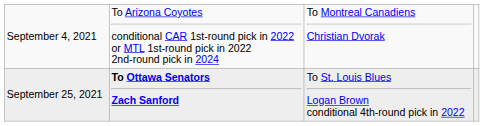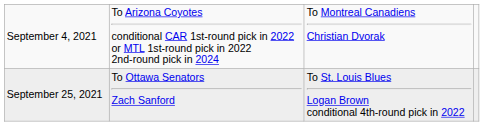 <table cellspacing=0 class="wikitable" style="border:1px solid #999999; width:720px;">
 <tr>
 <td>September 4, 2021</td>
 <td valign="top">To <a href='#'>Arizona Coyotes</a><hr><span>conditional</span> <a href='#'>CAR</a> 1st-round pick in <a href='#'>2022</a><br>or <a href='#'>MTL</a> 1st-round pick in 2022<br>2nd-round pick in <a href='#'>2024</a></td>
 <td valign="top">To <a href='#'>Montreal Canadiens</a><hr><a href='#'>Christian Dvorak</a></td>
 <td></td>
 </tr>
 <tr bgcolor="eeeeee">
 <td>September 25, 2021</td>
-<td valign="top"><strong>To <a href='#'>Ottawa Senators</a><hr><a href='#'>Zach Sanford</a></strong></td>
+<td valign="top">To <a href='#'>Ottawa Senators</a><hr><a href='#'>Zach Sanford</a></td>
 <td valign="top">To <a href='#'>St. Louis Blues</a><hr><a href='#'>Logan Brown</a><br><span>conditional</span> 4th-round pick in <a href='#'>2022</a></td>
 <td></td>
 </tr>
 </table>
